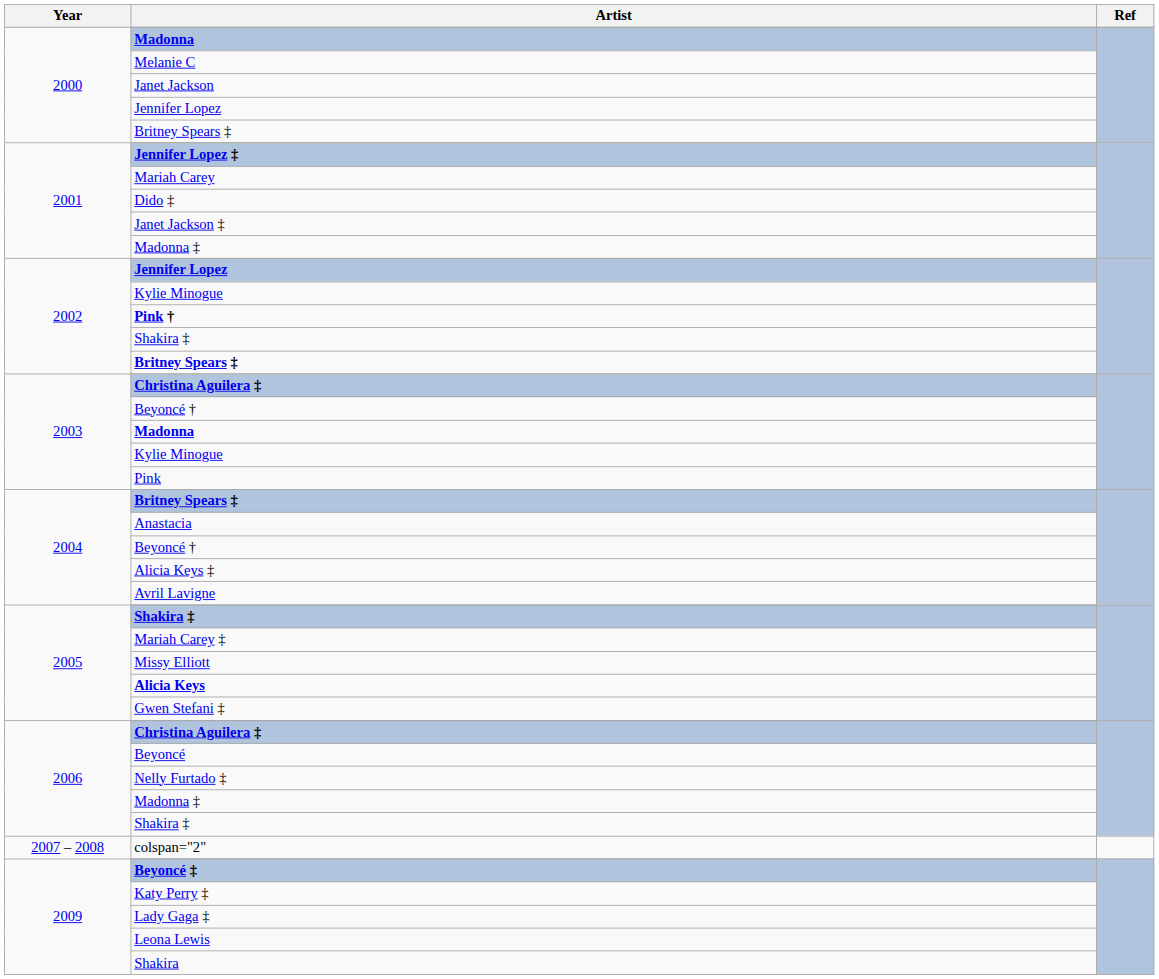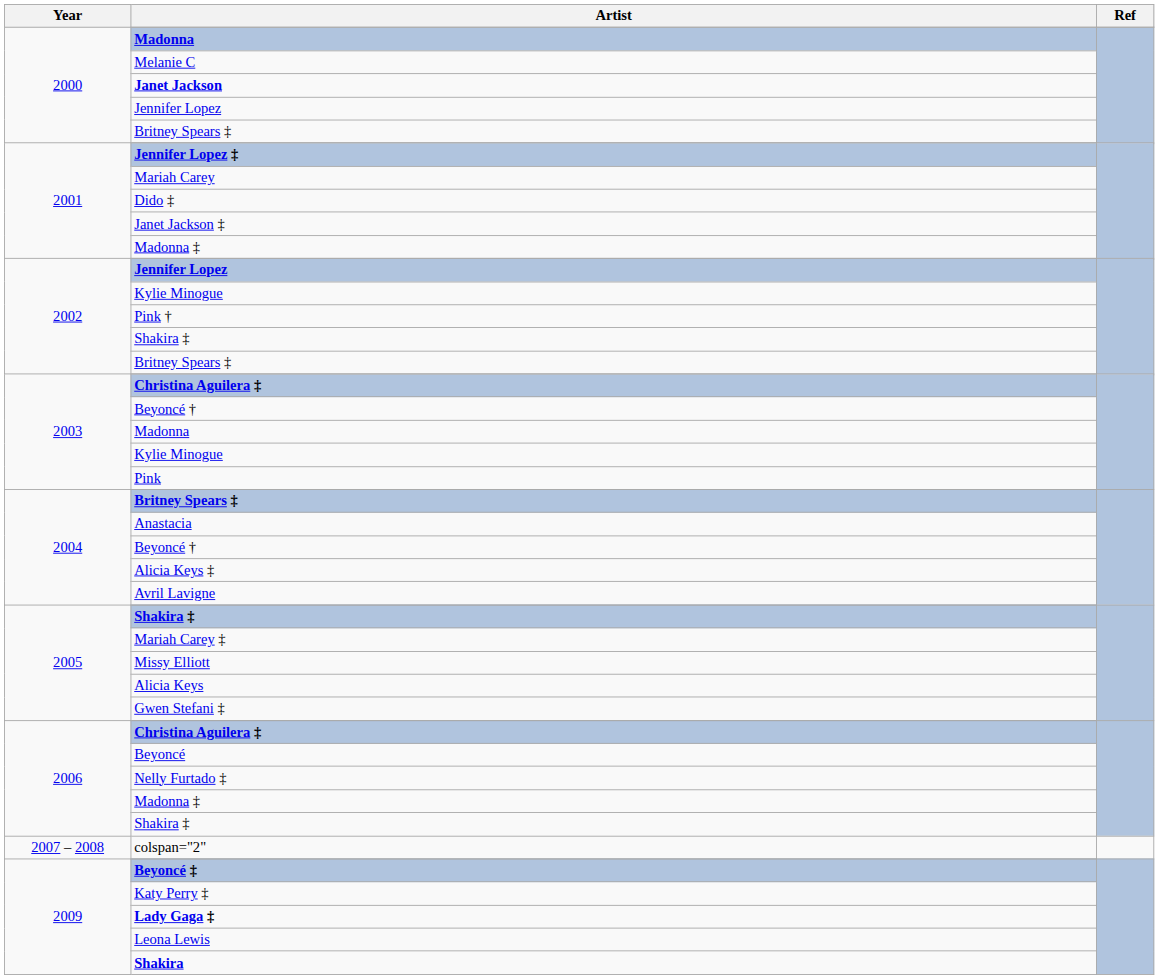 <table class="wikitable" style="width:100%;">
 <tr style="background:#bebebe;">
 <th style="width:11%;">Year</th>
 <th style="width:84%;">Artist</th>
 <th style="width:5%;">Ref</th>
 </tr>
 <tr>
 <td rowspan="6" align="center"><a href='#'>2000</a></td>
 </tr>
 <tr style="background:#B0C4DE">
 <td><strong><a href='#'>Madonna</a></strong></td>
 <td rowspan="6" align="center"></td>
 </tr>
 <tr>
 <td><a href='#'>Melanie C</a></td>
 </tr>
 <tr>
-<td><a href='#'>Janet Jackson</a></td>
+<td><strong><a href='#'>Janet Jackson</a></strong></td>
 </tr>
 <tr>
 <td><a href='#'>Jennifer Lopez</a></td>
 </tr>
 <tr>
 <td><a href='#'>Britney Spears</a> ‡</td>
 </tr>
 <tr>
 <td rowspan="6" align="center"><a href='#'>2001</a></td>
 </tr>
 <tr style="background:#B0C4DE">
 <td><strong><a href='#'>Jennifer Lopez</a> ‡</strong></td>
 <td rowspan="6" align="center"></td>
 </tr>
 <tr>
 <td><a href='#'>Mariah Carey</a></td>
 </tr>
 <tr>
 <td><a href='#'>Dido</a> ‡</td>
 </tr>
 <tr>
 <td><a href='#'>Janet Jackson</a> ‡</td>
 </tr>
 <tr>
 <td><a href='#'>Madonna</a> ‡</td>
 </tr>
 <tr>
 <td rowspan="6" align="center"><a href='#'>2002</a></td>
 </tr>
 <tr style="background:#B0C4DE">
 <td><strong><a href='#'>Jennifer Lopez</a></strong></td>
 <td rowspan="6" align="center"></td>
 </tr>
 <tr>
 <td><a href='#'>Kylie Minogue</a></td>
 </tr>
 <tr>
-<td><strong><a href='#'>Pink</a> †</strong></td>
+<td><a href='#'>Pink</a> †</td>
 </tr>
 <tr>
 <td><a href='#'>Shakira</a> ‡</td>
 </tr>
 <tr>
-<td><strong><a href='#'>Britney Spears</a> ‡</strong></td>
+<td><a href='#'>Britney Spears</a> ‡</td>
 </tr>
 <tr>
 <td rowspan="6" align="center"><a href='#'>2003</a></td>
 </tr>
 <tr style="background:#B0C4DE">
 <td><strong><a href='#'>Christina Aguilera</a> ‡</strong></td>
 <td rowspan="6" align="center"></td>
 </tr>
 <tr>
 <td><a href='#'>Beyoncé</a> †</td>
 </tr>
 <tr>
-<td><strong><a href='#'>Madonna</a></strong></td>
+<td><a href='#'>Madonna</a></td>
 </tr>
 <tr>
 <td><a href='#'>Kylie Minogue</a></td>
 </tr>
 <tr>
 <td><a href='#'>Pink</a></td>
 </tr>
 <tr>
 <td rowspan="6" align="center"><a href='#'>2004</a></td>
 </tr>
 <tr style="background:#B0C4DE">
 <td><strong><a href='#'>Britney Spears</a> ‡</strong></td>
 <td rowspan="6" align="center"></td>
 </tr>
 <tr>
 <td><a href='#'>Anastacia</a></td>
 </tr>
 <tr>
 <td><a href='#'>Beyoncé</a> †</td>
 </tr>
 <tr>
 <td><a href='#'>Alicia Keys</a> ‡</td>
 </tr>
 <tr>
 <td><a href='#'>Avril Lavigne</a></td>
 </tr>
 <tr>
 <td rowspan="6" align="center"><a href='#'>2005</a></td>
 </tr>
 <tr style="background:#B0C4DE">
 <td><strong><a href='#'>Shakira</a> ‡</strong></td>
 <td rowspan="6" align="center"></td>
 </tr>
 <tr>
 <td><a href='#'>Mariah Carey</a> ‡</td>
 </tr>
 <tr>
 <td><a href='#'>Missy Elliott</a></td>
 </tr>
 <tr>
-<td><strong><a href='#'>Alicia Keys</a></strong></td>
+<td><a href='#'>Alicia Keys</a></td>
 </tr>
 <tr>
 <td><a href='#'>Gwen Stefani</a> ‡</td>
 </tr>
 <tr>
 <td rowspan="6" align="center"><a href='#'>2006</a></td>
 </tr>
 <tr style="background:#B0C4DE">
 <td><strong><a href='#'>Christina Aguilera</a> ‡</strong></td>
 <td rowspan="5" align="center"></td>
 </tr>
 <tr>
 <td><a href='#'>Beyoncé</a></td>
 </tr>
 <tr>
 <td><a href='#'>Nelly Furtado</a> ‡</td>
 </tr>
 <tr>
 <td><a href='#'>Madonna</a> ‡</td>
 </tr>
 <tr>
 <td><a href='#'>Shakira</a> ‡</td>
 </tr>
 <tr>
 <td align="center"><a href='#'>2007</a> – <a href='#'>2008</a></td>
 <td>colspan="2" </td>
 </tr>
 <tr>
 <td rowspan="6" align="center"><a href='#'>2009</a></td>
 </tr>
 <tr style="background:#B0C4DE">
 <td><strong><a href='#'>Beyoncé</a> ‡</strong></td>
 <td rowspan="6" align="center"></td>
 </tr>
 <tr>
 <td><a href='#'>Katy Perry</a> ‡</td>
 </tr>
 <tr>
-<td><a href='#'>Lady Gaga</a> ‡</td>
+<td><strong><a href='#'>Lady Gaga</a> ‡</strong></td>
 </tr>
 <tr>
 <td><a href='#'>Leona Lewis</a></td>
 </tr>
 <tr>
-<td><a href='#'>Shakira</a></td>
+<td><strong><a href='#'>Shakira</a></strong></td>
 </tr>
 </table>
